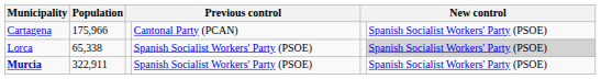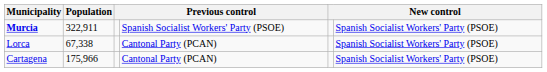 <table class="wikitable sortable">
 <tr>
 <th>Municipality</th>
 <th>Population</th>
 <th colspan="2" style="width:375px;">Previous control</th>
 <th colspan="2" style="width:375px;">New control</th>
+</tr>
+<tr>
+<td><strong><a href='#'>Murcia</a></strong></td>
+<td>322,911</td>
+<td style="color:inherit;background:"></td>
+<td><a href='#'>Spanish Socialist Workers' Party</a> (PSOE)</td>
+<td style="color:inherit;background:"></td>
+<td><a href='#'>Spanish Socialist Workers' Party</a> (PSOE)</td>
+</tr>
+<tr>
+<td><a href='#'>Lorca</a></td>
+<td>67,338</td>
+<td style="color:inherit;background:"></td>
+<td><a href='#'>Cantonal Party</a> (PCAN)</td>
+<td style="color:inherit;background:"></td>
+<td><a href='#'>Spanish Socialist Workers' Party</a> (PSOE)</td>
 </tr>
 <tr>
 <td><a href='#'>Cartagena</a></td>
 <td>175,966</td>
 <td width="1" style="color:inherit;background:"></td>
 <td><a href='#'>Cantonal Party</a> (PCAN)</td>
 <td width="1" style="color:inherit;background:"></td>
 <td><a href='#'>Spanish Socialist Workers' Party</a> (PSOE)</td>
 </tr>
-<tr>
-<td><a href='#'>Lorca</a></td>
-<td>65,338</td>
-<td style="color:inherit;background:"></td>
-<td><a href='#'>Spanish Socialist Workers' Party</a> (PSOE)</td>
-<td style="color:inherit;background:"></td>
-<td style="background: lightgrey;"><a href='#'>Spanish Socialist Workers' Party</a> (PSOE)</td>
-</tr>
-<tr>
-<td><strong><a href='#'>Murcia</a></strong></td>
-<td>322,911</td>
-<td style="color:inherit;background:"></td>
-<td><a href='#'>Spanish Socialist Workers' Party</a> (PSOE)</td>
-<td style="color:inherit;background:"></td>
-<td><a href='#'>Spanish Socialist Workers' Party</a> (PSOE)</td>
-</tr>
 </table>
